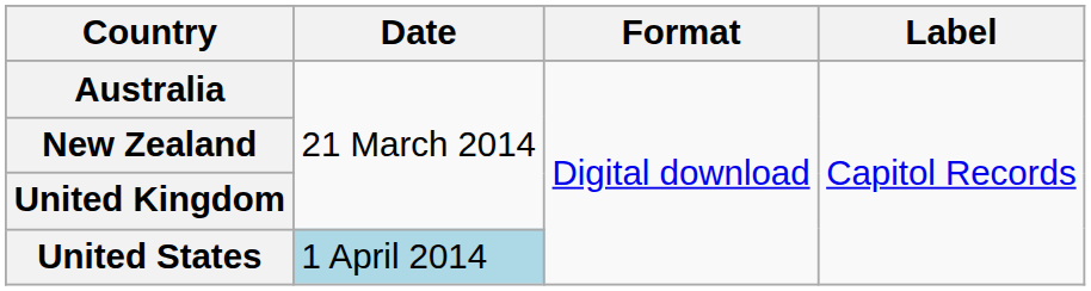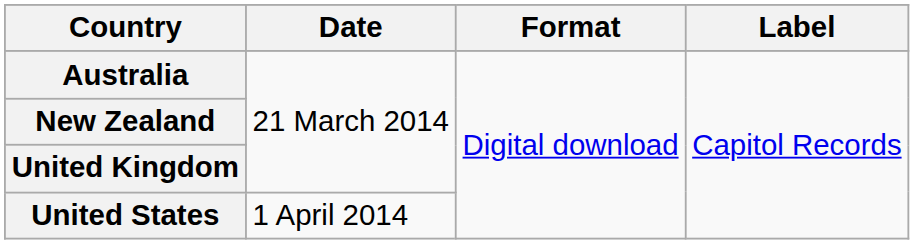 <table class="wikitable plainrowheaders">
 <tr>
 <th scope="col">Country</th>
 <th scope="col">Date</th>
 <th scope="col">Format</th>
 <th scope="col">Label</th>
 </tr>
 <tr>
 <th scope="row">Australia</th>
 <td rowspan="3">21 March 2014</td>
 <td rowspan="4"><a href='#'>Digital download</a></td>
 <td rowspan="4"><a href='#'>Capitol Records</a></td>
 </tr>
 <tr>
 <th scope="row">New Zealand</th>
 </tr>
 <tr>
 <th scope="row">United Kingdom</th>
 </tr>
 <tr>
 <th scope="row">United States</th>
-<td style="background: lightblue;">1 April 2014</td>
+<td>1 April 2014</td>
 </tr>
 </table>
